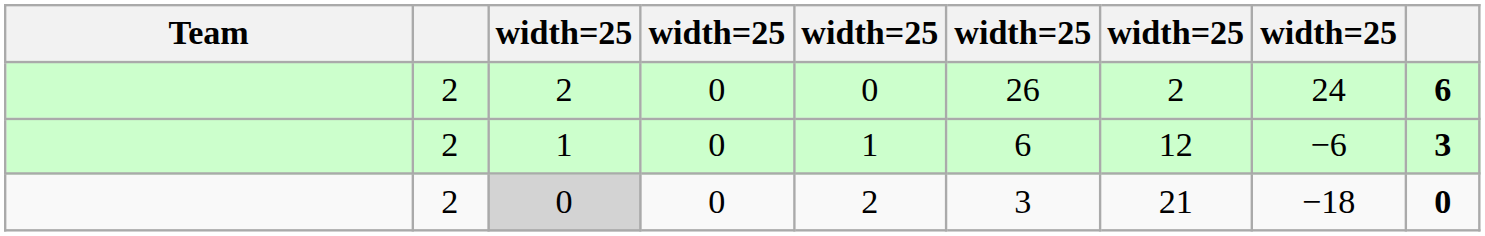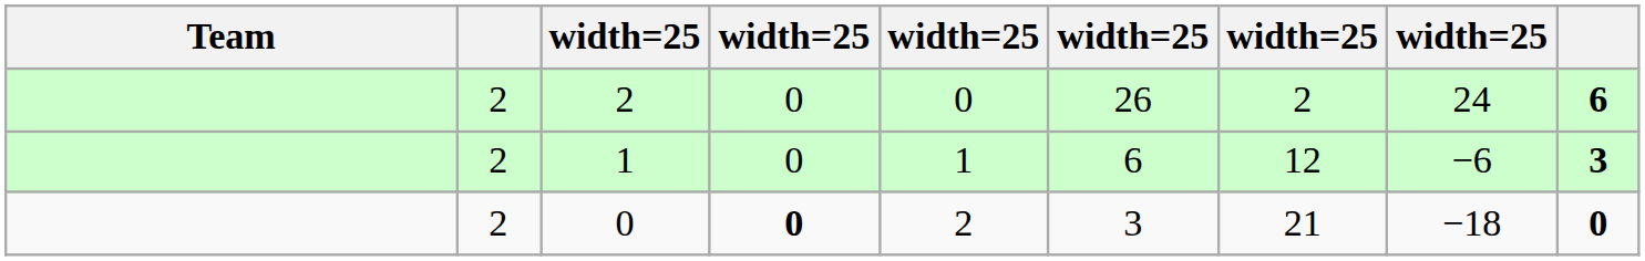 <table class="wikitable" style="text-align: center; font-size: 90%;">
 <tr>
 <th width="165">Team</th>
 <th width=25></th>
 <th>width=25</th>
 <th>width=25</th>
 <th>width=25</th>
 <th>width=25</th>
 <th>width=25</th>
 <th>width=25</th>
 <th width=25></th>
 </tr>
 <tr bgcolor=#ccffcc>
 <td align=left></td>
 <td>2</td>
 <td>2</td>
 <td>0</td>
 <td>0</td>
 <td>26</td>
 <td>2</td>
 <td>24</td>
 <td><strong>6</strong></td>
 </tr>
 <tr bgcolor=#ccffcc>
 <td align=left></td>
 <td>2</td>
 <td>1</td>
 <td>0</td>
 <td>1</td>
 <td>6</td>
 <td>12</td>
 <td>−6</td>
 <td><strong>3</strong></td>
 </tr>
 <tr>
 <td align=left></td>
 <td>2</td>
-<td style="background: lightgrey;">0</td>
 <td>0</td>
+<td><strong>0</strong></td>
 <td>2</td>
 <td>3</td>
 <td>21</td>
 <td>−18</td>
 <td><strong>0</strong></td>
 </tr>
 </table>
